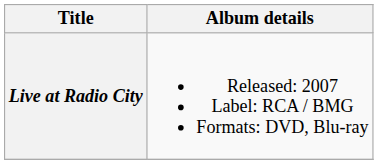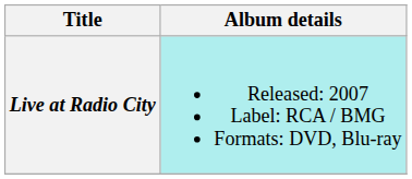 <table class="wikitable plainrowheaders" style="text-align:center;">
 <tr>
 <th scope="col">Title</th>
 <th scope="col">Album details</th>
 </tr>
 <tr>
 <th scope="row"><em>Live at Radio City</em></th>
-<td><br><ul><li>Released: 2007</li><li>Label: RCA / BMG</li><li>Formats: DVD, Blu-ray</li></ul></td>
+<td style="background: paleturquoise;"><br><ul><li>Released: 2007</li><li>Label: RCA / BMG</li><li>Formats: DVD, Blu-ray</li></ul></td>
 </tr>
 <tr>
 </tr>
 </table>
